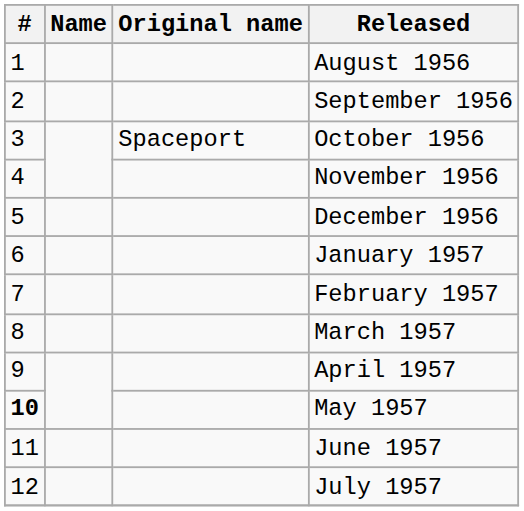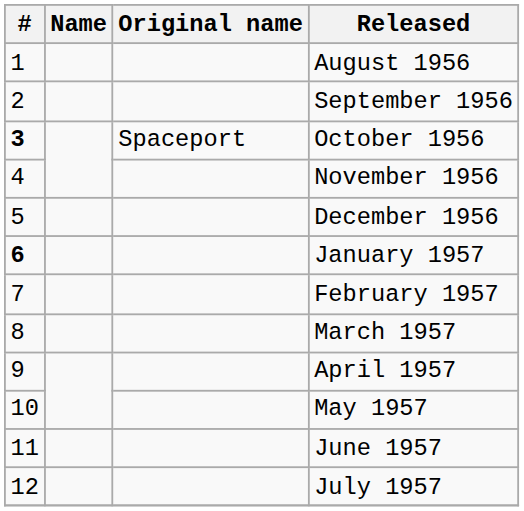 <table class="wikitable">
 <tr>
 <th>#</th>
 <th>Name</th>
 <th>Original name</th>
 <th>Released</th>
 </tr>
 <tr>
 <td>1</td>
 <td></td>
 <td></td>
 <td>August 1956</td>
 </tr>
 <tr>
 <td>2</td>
 <td></td>
 <td></td>
 <td>September 1956</td>
 </tr>
 <tr>
-<td>3</td>
+<td><strong>3</strong></td>
 <td rowspan=2></td>
 <td>Spaceport</td>
 <td>October 1956</td>
 </tr>
 <tr>
 <td>4</td>
 <td></td>
 <td>November 1956</td>
 </tr>
 <tr>
 <td>5</td>
 <td></td>
 <td></td>
 <td>December 1956</td>
 </tr>
 <tr>
-<td>6</td>
+<td><strong>6</strong></td>
 <td></td>
 <td></td>
 <td>January 1957</td>
 </tr>
 <tr>
 <td>7</td>
 <td></td>
 <td></td>
 <td>February 1957</td>
 </tr>
 <tr>
 <td>8</td>
 <td></td>
 <td></td>
 <td>March 1957</td>
 </tr>
 <tr>
 <td>9</td>
 <td rowspan=2></td>
 <td></td>
 <td>April 1957</td>
 </tr>
 <tr>
-<td><strong>10</strong></td>
+<td>10</td>
 <td></td>
 <td>May 1957</td>
 </tr>
 <tr>
 <td>11</td>
 <td></td>
 <td></td>
 <td>June 1957</td>
 </tr>
 <tr>
 <td>12</td>
 <td></td>
 <td></td>
 <td>July 1957</td>
 </tr>
 <tr>
 </tr>
 </table>
